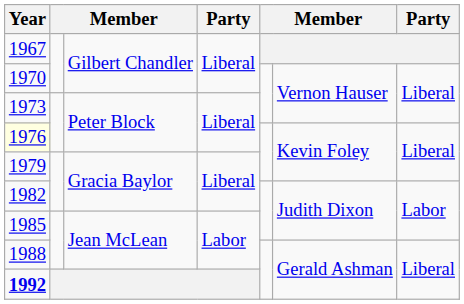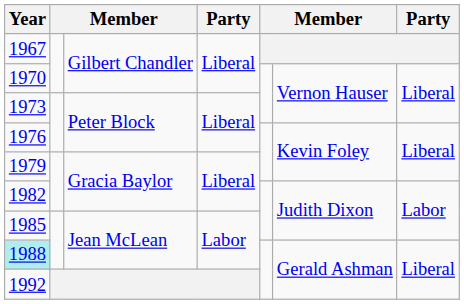 <table class="wikitable">
 <tr>
 <th>Year</th>
 <th colspan="2">Member</th>
 <th>Party</th>
 <th colspan="2">Member</th>
 <th>Party</th>
 </tr>
 <tr>
 <td><a href='#'>1967</a></td>
 <td rowspan="2" > </td>
 <td rowspan="2"><a href='#'>Gilbert Chandler</a></td>
 <td rowspan="2"><a href='#'>Liberal</a></td>
 <th colspan="3"></th>
 </tr>
 <tr>
 <td><a href='#'>1970</a></td>
 <td rowspan="2" > </td>
 <td rowspan="2"><a href='#'>Vernon Hauser</a></td>
 <td rowspan="2"><a href='#'>Liberal</a></td>
 </tr>
 <tr>
 <td><a href='#'>1973</a></td>
 <td rowspan="2" > </td>
 <td rowspan="2"><a href='#'>Peter Block</a></td>
 <td rowspan="2"><a href='#'>Liberal</a></td>
 </tr>
 <tr>
-<td style="background: lightyellow;"><a href='#'>1976</a></td>
+<td><a href='#'>1976</a></td>
 <td rowspan="2" > </td>
 <td rowspan="2"><a href='#'>Kevin Foley</a></td>
 <td rowspan="2"><a href='#'>Liberal</a></td>
 </tr>
 <tr>
 <td><a href='#'>1979</a></td>
 <td rowspan="2" > </td>
 <td rowspan="2"><a href='#'>Gracia Baylor</a></td>
 <td rowspan="2"><a href='#'>Liberal</a></td>
 </tr>
 <tr>
 <td><a href='#'>1982</a></td>
 <td rowspan="2" > </td>
 <td rowspan="2"><a href='#'>Judith Dixon</a></td>
 <td rowspan="2"><a href='#'>Labor</a></td>
 </tr>
 <tr>
 <td><a href='#'>1985</a></td>
 <td rowspan="2" > </td>
 <td rowspan="2"><a href='#'>Jean McLean</a></td>
 <td rowspan="2"><a href='#'>Labor</a></td>
 </tr>
 <tr>
-<td><a href='#'>1988</a></td>
+<td style="background: paleturquoise;"><a href='#'>1988</a></td>
 <td rowspan="2" > </td>
 <td rowspan="2"><a href='#'>Gerald Ashman</a></td>
 <td rowspan="2"><a href='#'>Liberal</a></td>
 </tr>
 <tr>
-<td><strong><a href='#'>1992</a></strong></td>
+<td><a href='#'>1992</a></td>
 <th colspan="3"></th>
 </tr>
 </table>
